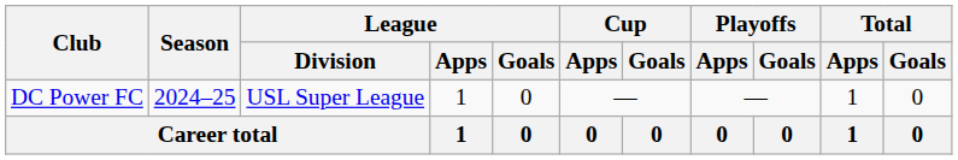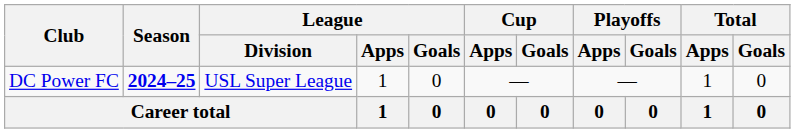 <table class="wikitable" style="text-align: center;">
 <tr>
 <th rowspan="2">Club</th>
 <th rowspan="2">Season</th>
 <th colspan="3">League</th>
 <th colspan="2">Cup</th>
 <th colspan="2">Playoffs</th>
 <th colspan="2">Total</th>
 </tr>
 <tr>
 <th>Division</th>
 <th>Apps</th>
 <th>Goals</th>
 <th>Apps</th>
 <th>Goals</th>
 <th>Apps</th>
 <th>Goals</th>
 <th>Apps</th>
 <th>Goals</th>
 </tr>
 <tr>
 <td><a href='#'>DC Power FC</a></td>
-<td><a href='#'>2024–25</a></td>
+<td><strong><a href='#'>2024–25</a></strong></td>
 <td><a href='#'>USL Super League</a></td>
 <td>1</td>
 <td>0</td>
 <td colspan="2">—</td>
 <td colspan="2">—</td>
 <td>1</td>
 <td>0</td>
 </tr>
 <tr>
 <th colspan="3">Career total</th>
 <th>1</th>
 <th>0</th>
 <th>0</th>
 <th>0</th>
 <th>0</th>
 <th>0</th>
 <th>1</th>
 <th>0</th>
 </tr>
 </table>
